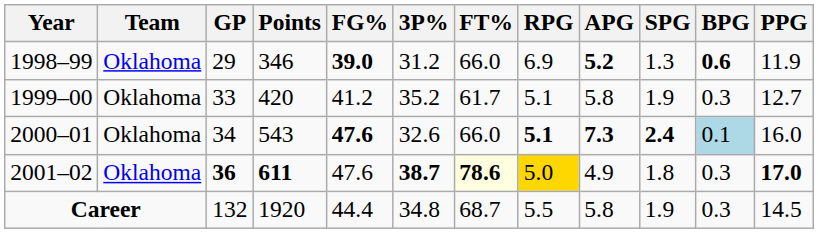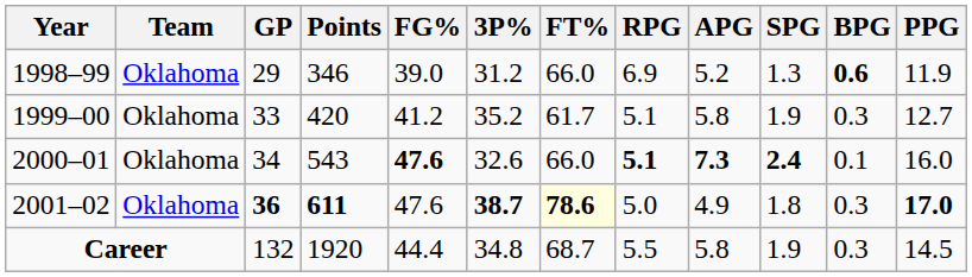 <table class="wikitable sortable">
 <tr>
 <th>Year</th>
 <th>Team</th>
 <th>GP</th>
 <th>Points</th>
 <th>FG%</th>
 <th>3P%</th>
 <th>FT%</th>
 <th>RPG</th>
 <th>APG</th>
 <th>SPG</th>
 <th>BPG</th>
 <th>PPG</th>
 </tr>
 <tr>
 <td>1998–99</td>
 <td><a href='#'>Oklahoma</a></td>
 <td>29</td>
 <td>346</td>
-<td><strong>39.0</strong></td>
+<td>39.0</td>
 <td>31.2</td>
 <td>66.0</td>
 <td>6.9</td>
-<td><strong>5.2</strong></td>
+<td>5.2</td>
 <td>1.3</td>
 <td><strong>0.6</strong></td>
 <td>11.9</td>
 </tr>
 <tr>
 <td>1999–00</td>
 <td>Oklahoma</td>
 <td>33</td>
 <td>420</td>
 <td>41.2</td>
 <td>35.2</td>
 <td>61.7</td>
 <td>5.1</td>
 <td>5.8</td>
 <td>1.9</td>
 <td>0.3</td>
 <td>12.7</td>
 </tr>
 <tr>
 <td>2000–01</td>
 <td>Oklahoma</td>
 <td>34</td>
 <td>543</td>
 <td><strong>47.6</strong></td>
 <td>32.6</td>
 <td>66.0</td>
 <td><strong>5.1</strong></td>
 <td><strong>7.3</strong></td>
 <td><strong>2.4</strong></td>
-<td style="background: lightblue;">0.1</td>
+<td>0.1</td>
 <td>16.0</td>
 </tr>
 <tr>
 <td>2001–02</td>
 <td><a href='#'>Oklahoma</a></td>
 <td><strong>36</strong></td>
 <td><strong>611</strong></td>
 <td>47.6</td>
 <td><strong>38.7</strong></td>
 <td style="background: lightyellow;"><strong>78.6</strong></td>
-<td style="background: gold;">5.0</td>
+<td>5.0</td>
 <td>4.9</td>
 <td>1.8</td>
 <td>0.3</td>
 <td><strong>17.0</strong></td>
 </tr>
 <tr class="sortbottom">
 <td align=center colspan=2><strong>Career</strong></td>
 <td>132</td>
 <td>1920</td>
 <td>44.4</td>
 <td>34.8</td>
 <td>68.7</td>
 <td>5.5</td>
 <td>5.8</td>
 <td>1.9</td>
 <td>0.3</td>
 <td>14.5</td>
 </tr>
 </table>
